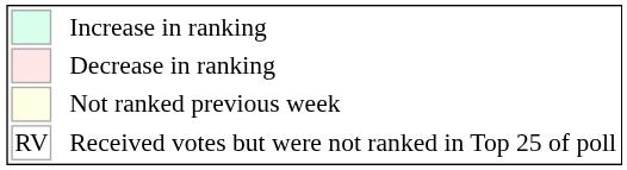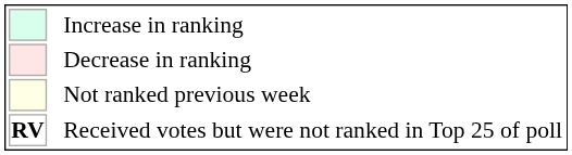 <table style="border:1px solid black;" align=right>
 <tr>
 <td style="background:#D8FFEB; width:20px; border:1px solid #aaaaaa;"> </td>
 <td rowspan=5> </td>
 <td>Increase in ranking</td>
 </tr>
 <tr>
 <td style="background:#FFE6E6; width:20px; border:1px solid #aaaaaa;"> </td>
 <td>Decrease in ranking</td>
 </tr>
 <tr>
 <td style="background:#FFFFE6; width:20px; border:1px solid #aaaaaa;"> </td>
 <td>Not ranked previous week</td>
 </tr>
 <tr>
-<td align=center style="width:20px; border:1px solid #aaaaaa; background:white;">RV</td>
+<td align=center style="width:20px; border:1px solid #aaaaaa; background:white;"><strong>RV</strong></td>
 <td>Received votes but were not ranked in Top 25 of poll</td>
 </tr>
 </table>
